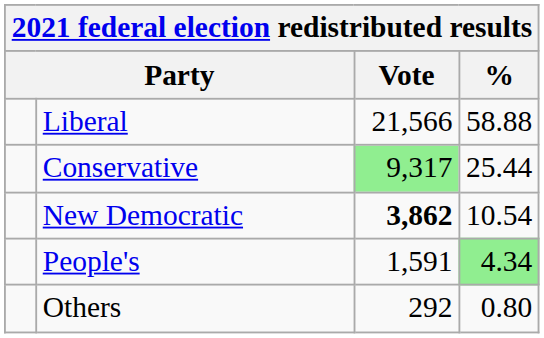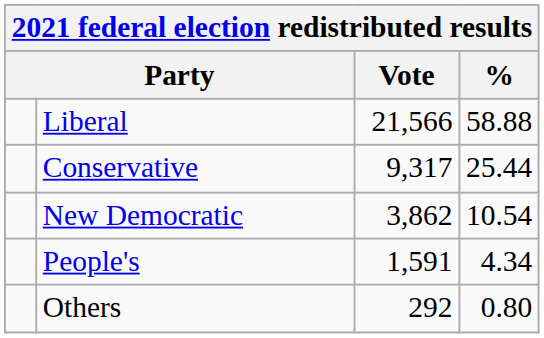 <table class="wikitable">
 <tr>
 <th colspan="4"><a href='#'>2021 federal election</a> redistributed results</th>
 </tr>
 <tr>
 <th bgcolor="#DDDDFF" width="130px" colspan="2">Party</th>
 <th bgcolor="#DDDDFF" width="50px">Vote</th>
 <th bgcolor="#DDDDFF" width="30px">%</th>
 </tr>
 <tr>
 <td> </td>
 <td><a href='#'>Liberal</a></td>
 <td align=right>21,566</td>
 <td align=right>58.88</td>
 </tr>
 <tr>
 <td> </td>
 <td><a href='#'>Conservative</a></td>
-<td align=right style="background: lightgreen;">9,317</td>
+<td align=right>9,317</td>
 <td align=right>25.44</td>
 </tr>
 <tr>
 <td> </td>
 <td><a href='#'>New Democratic</a></td>
-<td align=right><strong>3,862</strong></td>
+<td align=right>3,862</td>
 <td align=right>10.54</td>
 </tr>
 <tr>
 <td> </td>
 <td><a href='#'>People's</a></td>
 <td align=right>1,591</td>
-<td align=right style="background: lightgreen;">4.34</td>
+<td align=right>4.34</td>
 </tr>
 <tr>
 <td> </td>
 <td>Others</td>
 <td align=right>292</td>
 <td align=right>0.80</td>
 </tr>
 </table>
